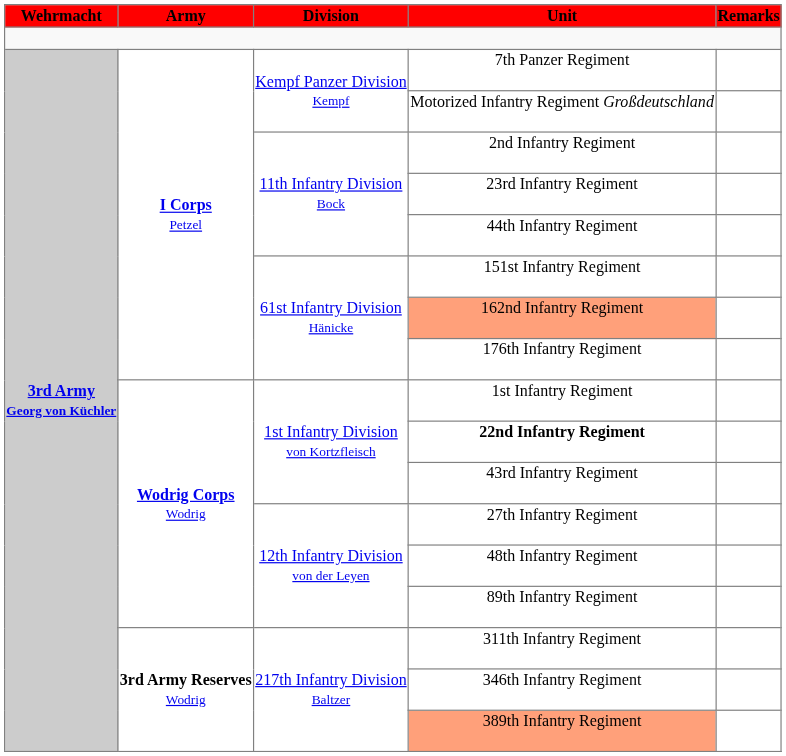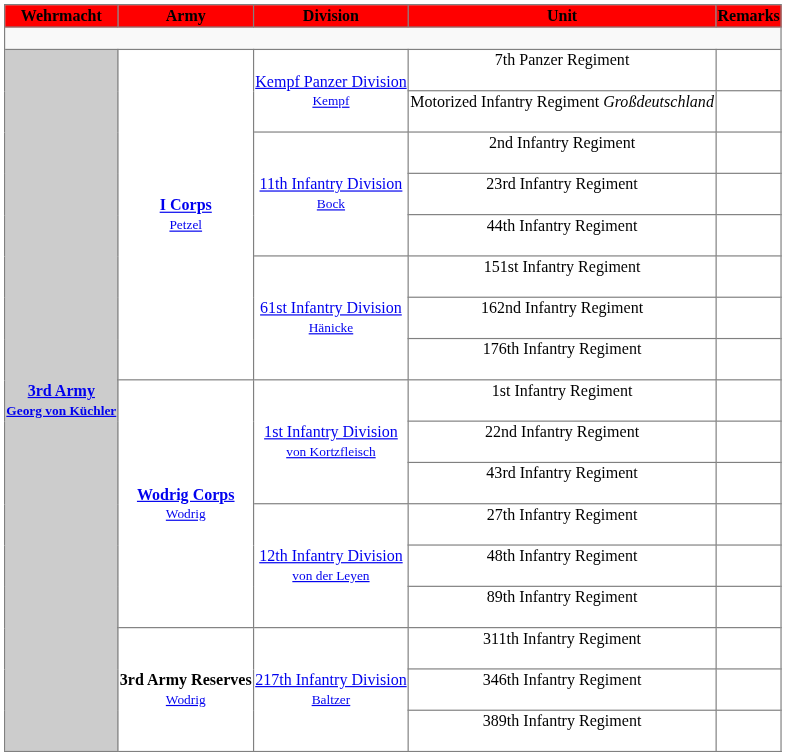 <table border="1" cellpadding="1" cellspacing="0" style="font-size: 85%; border: gray solid 1px; border-collapse: collapse; text-align: center;">
 <tr style="background-color:red; color:black;">
 <th>Wehrmacht</th>
 <th>Army</th>
 <th>Division</th>
 <th>Unit</th>
 <th>Remarks</th>
 </tr>
 <tr>
 <th colspan="14" style="background: #f9f9f9; text-align: left;"> </th>
 </tr>
 <tr>
 <th rowspan=17  style="background:#ccc; border-bottom:1px solid gray;"><a href='#'>3rd Army</a><br><small><a href='#'>Georg von Küchler</a></small></th>
 <td rowspan=8><strong><a href='#'>I Corps</a></strong><br><small><a href='#'>Petzel</a></small></td>
 <td rowspan=2><a href='#'>Kempf Panzer Division</a><br><small><a href='#'>Kempf</a></small></td>
 <td>7th Panzer Regiment<br><small> </small></td>
 <td></td>
 </tr>
 <tr>
 <td>Motorized Infantry Regiment <em>Großdeutschland</em><br><small> </small></td>
 <td></td>
 </tr>
 <tr>
 <td rowspan=3><a href='#'>11th Infantry Division</a><br><small><a href='#'>Bock</a></small></td>
 <td>2nd Infantry Regiment<br><small> </small></td>
 <td></td>
 </tr>
 <tr>
 <td>23rd Infantry Regiment<br><small> </small></td>
 <td></td>
 </tr>
 <tr>
 <td>44th Infantry Regiment<br><small> </small></td>
 <td></td>
 </tr>
 <tr>
 <td rowspan=3><a href='#'>61st Infantry Division</a><br><small><a href='#'>Hänicke</a></small></td>
 <td>151st Infantry Regiment<br><small> </small></td>
 <td></td>
 </tr>
 <tr>
-<td style="background: lightsalmon;">162nd Infantry Regiment<br><small> </small></td>
+<td>162nd Infantry Regiment<br><small> </small></td>
 <td></td>
 </tr>
 <tr>
 <td>176th Infantry Regiment<br><small> </small></td>
 <td></td>
 </tr>
 <tr>
 <td rowspan=6><strong><a href='#'>Wodrig Corps</a></strong><br><small><a href='#'>Wodrig</a></small></td>
 <td rowspan=3><a href='#'>1st Infantry Division</a><br><small><a href='#'>von Kortzfleisch</a></small></td>
 <td>1st Infantry Regiment<br><small> </small></td>
 <td></td>
 </tr>
 <tr>
-<td><strong>22nd Infantry Regiment<br><small> </small></strong></td>
+<td>22nd Infantry Regiment<br><small> </small></td>
 <td></td>
 </tr>
 <tr>
 <td>43rd Infantry Regiment<br><small> </small></td>
 <td></td>
 </tr>
 <tr>
 <td rowspan=3><a href='#'>12th Infantry Division</a><br><small><a href='#'>von der Leyen</a></small></td>
 <td>27th Infantry Regiment<br><small> </small></td>
 <td></td>
 </tr>
 <tr>
 <td>48th Infantry Regiment<br><small> </small></td>
 <td></td>
 </tr>
 <tr>
 <td>89th Infantry Regiment<br><small> </small></td>
 <td></td>
 </tr>
 <tr>
 <td rowspan=3><strong>3rd Army Reserves</strong><br><small><a href='#'>Wodrig</a></small></td>
 <td rowspan=3><a href='#'>217th Infantry Division</a><br><small><a href='#'>Baltzer</a></small></td>
 <td>311th Infantry Regiment<br><small> </small></td>
 <td></td>
 </tr>
 <tr>
 <td>346th Infantry Regiment<br><small> </small></td>
 <td></td>
 </tr>
 <tr>
-<td style="background: lightsalmon;">389th Infantry Regiment<br><small> </small></td>
+<td>389th Infantry Regiment<br><small> </small></td>
 <td></td>
 </tr>
 <tr>
 </tr>
 </table>
